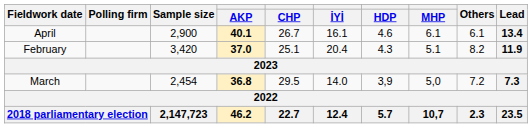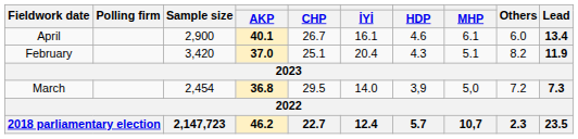 <table class="wikitable mw-datatable mw-collapsible" style="text-align:center; font-size:85%; line-height:14px;">
 <tr>
 <th rowspan="2">Fieldwork date</th>
 <th rowspan="2">Polling firm</th>
 <th rowspan="2">Sample size</th>
 <th style="background:"></th>
 <th style="background:"></th>
 <th style="background:"></th>
 <th style="background:"></th>
 <th style="background:"></th>
 <th rowspan="2">Others</th>
 <th rowspan="2">Lead</th>
 </tr>
 <tr>
 <th style="width:4em;"><a href='#'>AKP</a></th>
 <th style="width:4em;"><a href='#'>CHP</a></th>
 <th style="width:4em;"><a href='#'>İYİ</a></th>
 <th style="width:4em;"><a href='#'>HDP</a></th>
 <th style="width:4em;"><a href='#'>MHP</a></th>
 </tr>
 <tr>
 <td>April</td>
 <td></td>
 <td>2,900</td>
 <td style="background:#FFF1C4"><strong>40.1</strong></td>
 <td>26.7</td>
 <td>16.1</td>
 <td>4.6</td>
 <td>6.1</td>
-<td>6.1</td>
+<td>6.0</td>
 <th style="background:">13.4</th>
 </tr>
 <tr>
 <td>February</td>
 <td></td>
 <td>3,420</td>
 <td style="background:#FFF1C4"><strong>37.0</strong></td>
 <td>25.1</td>
 <td>20.4</td>
 <td>4.3</td>
 <td>5.1</td>
 <td>8.2</td>
 <th style="background:">11.9</th>
 </tr>
 <tr>
 <th colspan="10">2023</th>
 </tr>
 <tr>
 <td>March</td>
 <td></td>
 <td>2,454</td>
 <td style="background:#FFF1C4"><strong>36.8</strong></td>
 <td>29.5</td>
 <td>14.0</td>
 <td>3,9</td>
 <td>5,0</td>
 <td>7.2</td>
 <th style="background:">7.3</th>
 </tr>
 <tr>
 <th colspan="10">2022</th>
 </tr>
 <tr>
 <th colspan=2 data-sort-value="2018-06-24"><a href='#'>2018 parliamentary election</a></th>
 <th>2,147,723</th>
 <th style="background:#FFF1C4">46.2</th>
 <th>22.7</th>
 <th>12.4</th>
 <th>5.7</th>
 <th>10,7</th>
 <th>2.3</th>
 <th style="background:">23.5</th>
 </tr>
 </table>
